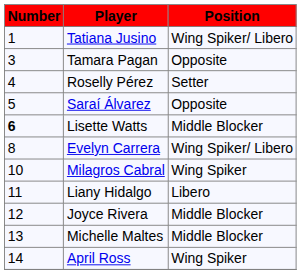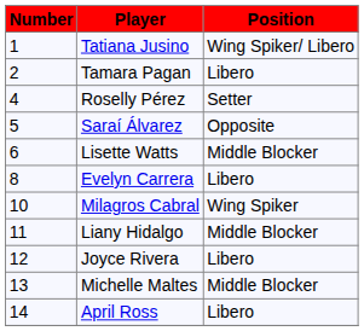 <table bgcolor="#f7f8ff" cellpadding="3" cellspacing="0" border="1" style="font-size: 95%; border: gray solid 1px; border-collapse: collapse;">
 <tr bgcolor="#ff0000">
 <td align=center><strong>Number</strong></td>
 <td align=center><strong>Player</strong></td>
 <td align=center><strong>Position</strong></td>
 </tr>
 <tr align="left">
 <td>1</td>
 <td> <a href='#'>Tatiana Jusino</a></td>
 <td>Wing Spiker/ Libero</td>
 </tr>
 <tr align="left">
-<td>3</td>
+<td>2</td>
 <td> Tamara Pagan</td>
-<td>Opposite</td>
+<td>Libero</td>
 </tr>
 <tr align="left">
 <td>4</td>
 <td> Roselly Pérez</td>
 <td>Setter</td>
 </tr>
 <tr align="left">
 <td>5</td>
 <td> <a href='#'>Saraí Álvarez</a></td>
 <td>Opposite</td>
 </tr>
 <tr align="left">
-<td><strong>6</strong></td>
+<td>6</td>
 <td> Lisette Watts</td>
 <td>Middle Blocker</td>
 </tr>
 <tr align="left">
 <td>8</td>
 <td> <a href='#'>Evelyn Carrera</a></td>
-<td>Wing Spiker/ Libero</td>
+<td>Libero</td>
 </tr>
 <tr align="left">
 <td>10</td>
 <td> <a href='#'>Milagros Cabral</a></td>
 <td>Wing Spiker</td>
 </tr>
 <tr align="left">
 <td>11</td>
 <td> Liany Hidalgo</td>
-<td>Libero</td>
+<td>Middle Blocker</td>
 </tr>
 <tr align="left">
 <td>12</td>
 <td> Joyce Rivera</td>
-<td>Middle Blocker</td>
+<td>Libero</td>
 </tr>
 <tr align="left">
 <td>13</td>
 <td> Michelle Maltes</td>
 <td>Middle Blocker</td>
 </tr>
 <tr align="left">
 <td>14</td>
 <td> <a href='#'>April Ross</a></td>
-<td>Wing Spiker</td>
+<td>Libero</td>
 </tr>
 <tr align="left">
 </tr>
 </table>
